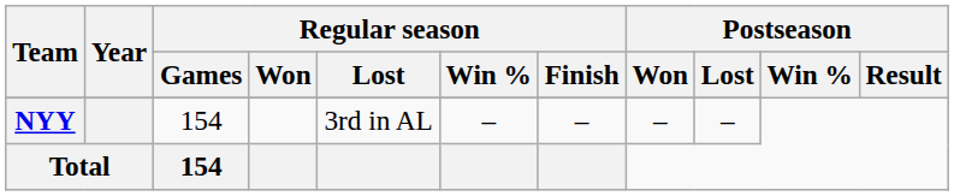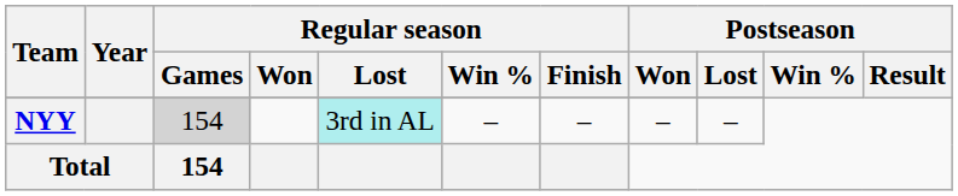 <table class="wikitable" style="font-size: 95%; text-align:center;">
 <tr>
 <th rowspan="2">Team</th>
 <th rowspan="2">Year</th>
 <th colspan="5">Regular season</th>
 <th colspan="4">Postseason</th>
 </tr>
 <tr>
 <th>Games</th>
 <th>Won</th>
 <th>Lost</th>
 <th>Win %</th>
 <th>Finish</th>
 <th>Won</th>
 <th>Lost</th>
 <th>Win %</th>
 <th>Result</th>
 </tr>
 <tr>
 </tr>
 <tr>
 <th><a href='#'>NYY</a></th>
 <th></th>
-<td>154</td>
+<td style="background: lightgrey;">154</td>
 <td></td>
-<td>3rd in AL</td>
+<td style="background: paleturquoise;">3rd in AL</td>
 <td>–</td>
 <td>–</td>
 <td>–</td>
 <td>–</td>
 </tr>
 <tr>
 <th colspan="2">Total</th>
 <th>154</th>
 <th></th>
 <th></th>
 <th></th>
 <th></th>
 </tr>
 </table>
